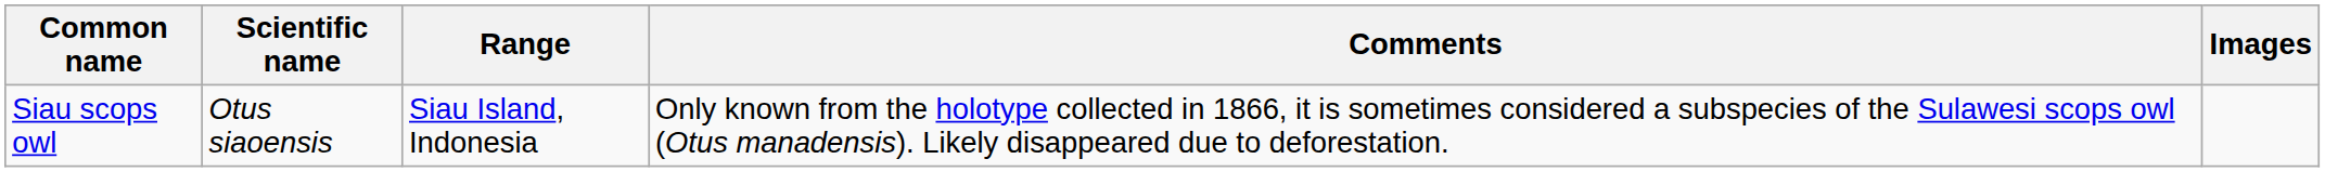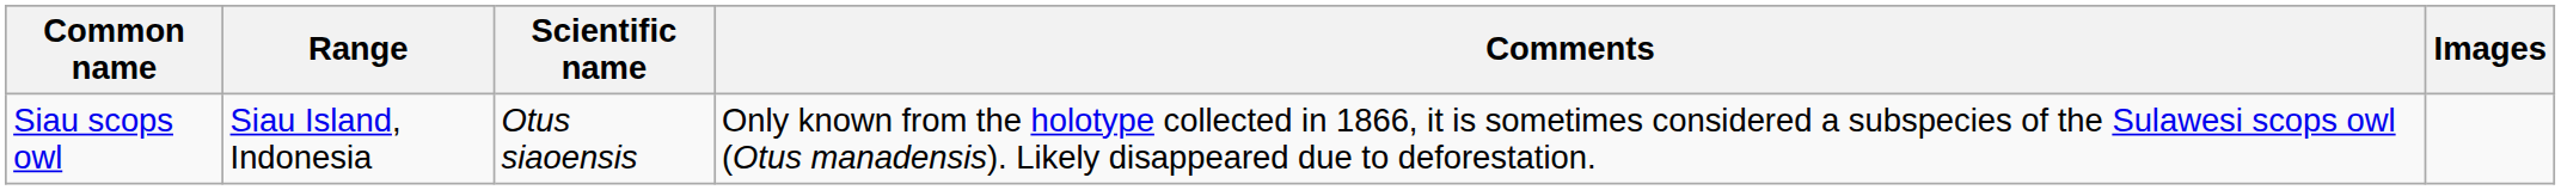 <table class="wikitable">
 <tr>
 <th>Common name</th>
+<th>Range</th>
 <th>Scientific name</th>
-<th>Range</th>
 <th class="unsortable">Comments</th>
 <th>Images</th>
 </tr>
 <tr>
 <td><a href='#'>Siau scops owl</a></td>
+<td><a href='#'>Siau Island</a>, Indonesia</td>
 <td><em>Otus siaoensis</em></td>
-<td><a href='#'>Siau Island</a>, Indonesia</td>
 <td>Only known from the <a href='#'>holotype</a> collected in 1866, it is sometimes considered a subspecies of the <a href='#'>Sulawesi scops owl</a> (<em>Otus manadensis</em>). Likely disappeared due to deforestation.</td>
 <td></td>
 </tr>
 </table>
